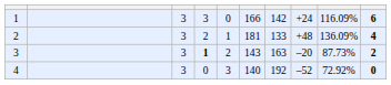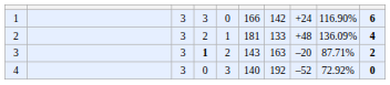 <table class="wikitable" style="text-align:center; font-size:95%">
 <tr>
 <th width="25"></th>
 <th width="200"></th>
 <th width="25"></th>
 <th width="25"></th>
 <th width="25"></th>
 <th width="30"></th>
 <th width="30"></th>
 <th width="30"></th>
 <th width="30"></th>
 <th width="30"></th>
 </tr>
 <tr style="background:#e6efff">
 <td>1</td>
 <td style="text-align:left"></td>
 <td>3</td>
 <td>3</td>
 <td>0</td>
 <td>166</td>
 <td>142</td>
 <td>+24</td>
-<td>116.09%</td>
+<td>116.90%</td>
 <td><strong>6</strong></td>
 </tr>
 <tr style="background:#e6efff">
 <td>2</td>
 <td style="text-align:left"></td>
 <td>3</td>
 <td>2</td>
 <td>1</td>
 <td>181</td>
 <td>133</td>
 <td>+48</td>
 <td>136.09%</td>
 <td><strong>4</strong></td>
 </tr>
 <tr style="background:#e6efff">
 <td>3</td>
 <td style="text-align:left"></td>
 <td>3</td>
 <td><strong>1</strong></td>
 <td>2</td>
 <td>143</td>
 <td>163</td>
 <td>–20</td>
-<td>87.73%</td>
+<td>87.71%</td>
 <td><strong>2</strong></td>
 </tr>
 <tr style="background:#e6efff">
 <td>4</td>
 <td style="text-align:left"></td>
 <td>3</td>
 <td>0</td>
 <td>3</td>
 <td>140</td>
 <td>192</td>
 <td>–52</td>
 <td>72.92%</td>
 <td><strong>0</strong></td>
 </tr>
 </table>
